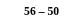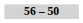 <table style="text-align:center">
 <tr>
 <th width=200></th>
 <th width=100></th>
 <th width=200></th>
 </tr>
 <tr>
 <td align=right><strong></strong></td>
-<td><strong>56 – 50</strong></td>
+<td style="background: lightgrey;"><strong>56 – 50</strong></td>
 <td align=left></td>
 </tr>
 </table>
